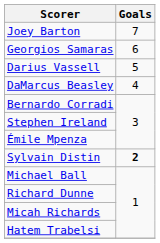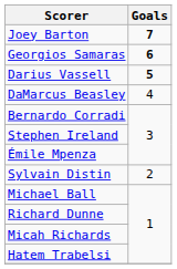 <table class="wikitable">
 <tr>
 <th>Scorer</th>
 <th>Goals</th>
 </tr>
 <tr>
 <td> <a href='#'>Joey Barton</a></td>
-<td align=center>7</td>
+<td align=center><strong>7</strong></td>
 </tr>
 <tr>
 <td> <a href='#'>Georgios Samaras</a></td>
-<td align=center>6</td>
+<td align=center><strong>6</strong></td>
 </tr>
 <tr>
 <td> <a href='#'>Darius Vassell</a></td>
-<td align=center>5</td>
+<td align=center><strong>5</strong></td>
 </tr>
 <tr>
 <td> <a href='#'>DaMarcus Beasley</a></td>
 <td align=center>4</td>
 </tr>
 <tr>
 <td> <a href='#'>Bernardo Corradi</a></td>
 <td rowspan="3" align=center>3</td>
 </tr>
 <tr>
 <td> <a href='#'>Stephen Ireland</a></td>
 </tr>
 <tr>
 <td> <a href='#'>Émile Mpenza</a></td>
 </tr>
 <tr>
 <td> <a href='#'>Sylvain Distin</a></td>
-<td align=center><strong>2</strong></td>
+<td align=center>2</td>
 </tr>
 <tr>
 <td> <a href='#'>Michael Ball</a></td>
 <td rowspan="4" align=center>1</td>
 </tr>
 <tr>
 <td> <a href='#'>Richard Dunne</a></td>
 </tr>
 <tr>
 <td> <a href='#'>Micah Richards</a></td>
 </tr>
 <tr>
 <td> <a href='#'>Hatem Trabelsi</a></td>
 </tr>
 <tr>
 </tr>
 </table>
